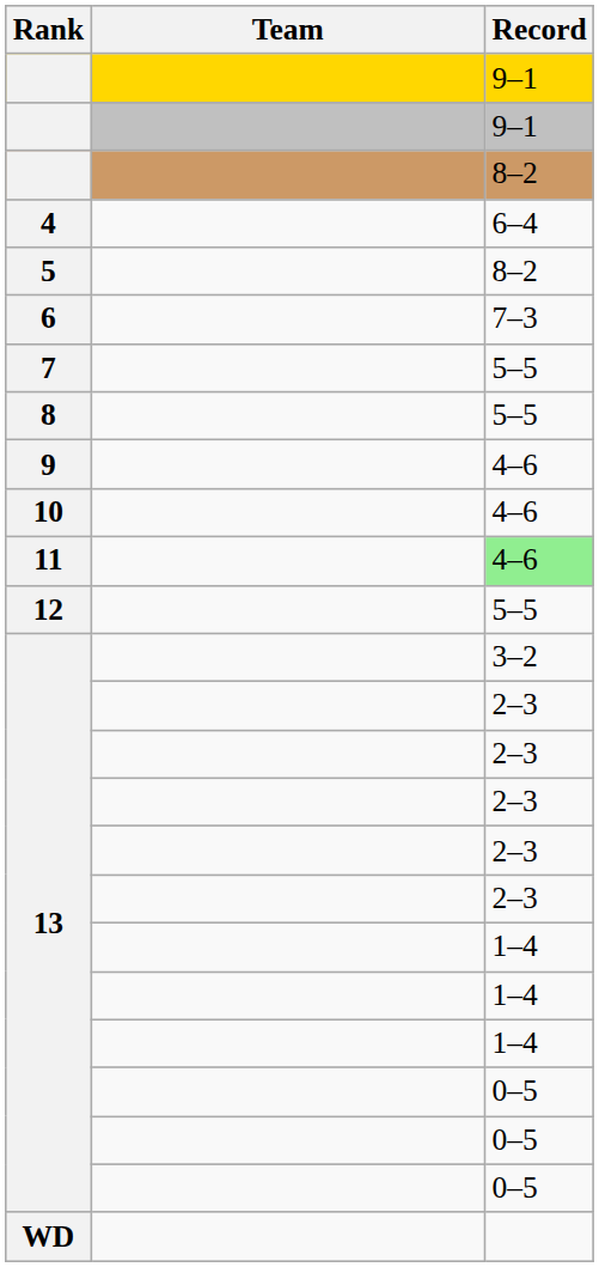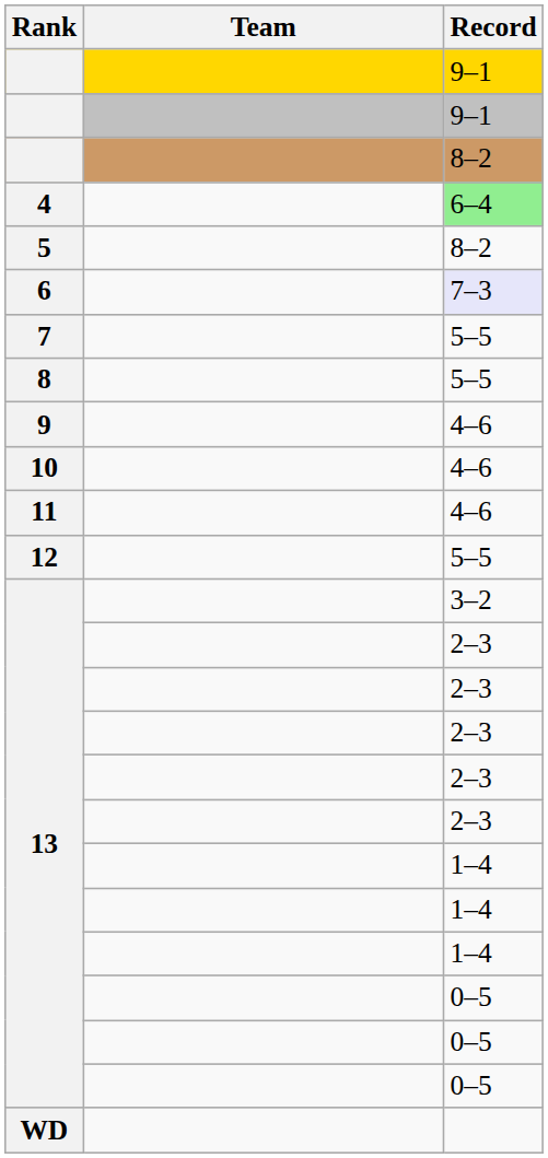 <table class="wikitable">
 <tr>
 <th>Rank</th>
 <th width=200px>Team</th>
 <th>Record</th>
 </tr>
 <tr bgcolor=gold>
 <th></th>
 <td></td>
 <td>9–1</td>
 </tr>
 <tr bgcolor=silver>
 <th></th>
 <td></td>
 <td>9–1</td>
 </tr>
 <tr bgcolor=cc9966>
 <th></th>
 <td></td>
 <td>8–2</td>
 </tr>
 <tr>
 <th>4</th>
 <td></td>
-<td>6–4</td>
+<td style="background: lightgreen;">6–4</td>
 </tr>
 <tr>
 <th>5</th>
 <td></td>
 <td>8–2</td>
 </tr>
 <tr>
 <th>6</th>
 <td></td>
-<td>7–3</td>
+<td style="background: lavender;">7–3</td>
 </tr>
 <tr>
 <th>7</th>
 <td></td>
 <td>5–5</td>
 </tr>
 <tr>
 <th>8</th>
 <td></td>
 <td>5–5</td>
 </tr>
 <tr>
 <th>9</th>
 <td></td>
 <td>4–6</td>
 </tr>
 <tr>
 <th>10</th>
 <td></td>
 <td>4–6</td>
 </tr>
 <tr>
 <th>11</th>
 <td></td>
-<td style="background: lightgreen;">4–6</td>
+<td>4–6</td>
 </tr>
 <tr>
 <th>12</th>
 <td></td>
 <td>5–5</td>
 </tr>
 <tr>
 <th rowspan=12>13</th>
 <td></td>
 <td>3–2</td>
 </tr>
 <tr>
 <td></td>
 <td>2–3</td>
 </tr>
 <tr>
 <td></td>
 <td>2–3</td>
 </tr>
 <tr>
 <td></td>
 <td>2–3</td>
 </tr>
 <tr>
 <td></td>
 <td>2–3</td>
 </tr>
 <tr>
 <td></td>
 <td>2–3</td>
 </tr>
 <tr>
 <td></td>
 <td>1–4</td>
 </tr>
 <tr>
 <td></td>
 <td>1–4</td>
 </tr>
 <tr>
 <td></td>
 <td>1–4</td>
 </tr>
 <tr>
 <td></td>
 <td>0–5</td>
 </tr>
 <tr>
 <td></td>
 <td>0–5</td>
 </tr>
 <tr>
 <td></td>
 <td>0–5</td>
 </tr>
 <tr>
 <th>WD</th>
 <td></td>
 <td></td>
 </tr>
 </table>
